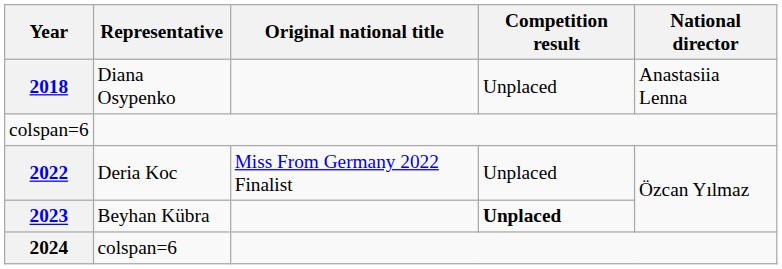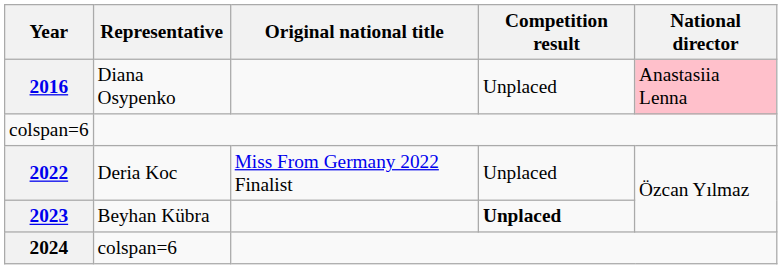 <table class="wikitable defaultcenter col2left col5left" style="font-size:95%;">
 <tr>
 <th>Year</th>
 <th>Representative</th>
 <th>Original national title</th>
 <th>Competition result</th>
 <th>National director</th>
 </tr>
 <tr>
-<th><a href='#'>2018</a></th>
+<th><a href='#'>2016</a></th>
 <td>Diana Osypenko</td>
 <td></td>
 <td>Unplaced</td>
-<td>Anastasiia Lenna</td>
+<td style="background: pink;">Anastasiia Lenna</td>
 </tr>
 <tr>
 <td>colspan=6 </td>
 </tr>
 <tr>
 <th><a href='#'>2022</a></th>
 <td>Deria Koc</td>
 <td><a href='#'>Miss From Germany 2022</a> Finalist</td>
 <td>Unplaced</td>
 <td rowspan=2>Özcan Yılmaz</td>
 </tr>
 <tr>
 <th><a href='#'>2023</a></th>
 <td>Beyhan Kübra</td>
 <td></td>
 <td><strong>Unplaced</strong></td>
 </tr>
 <tr>
 <th>2024</th>
 <td>colspan=6 </td>
 </tr>
 </table>
